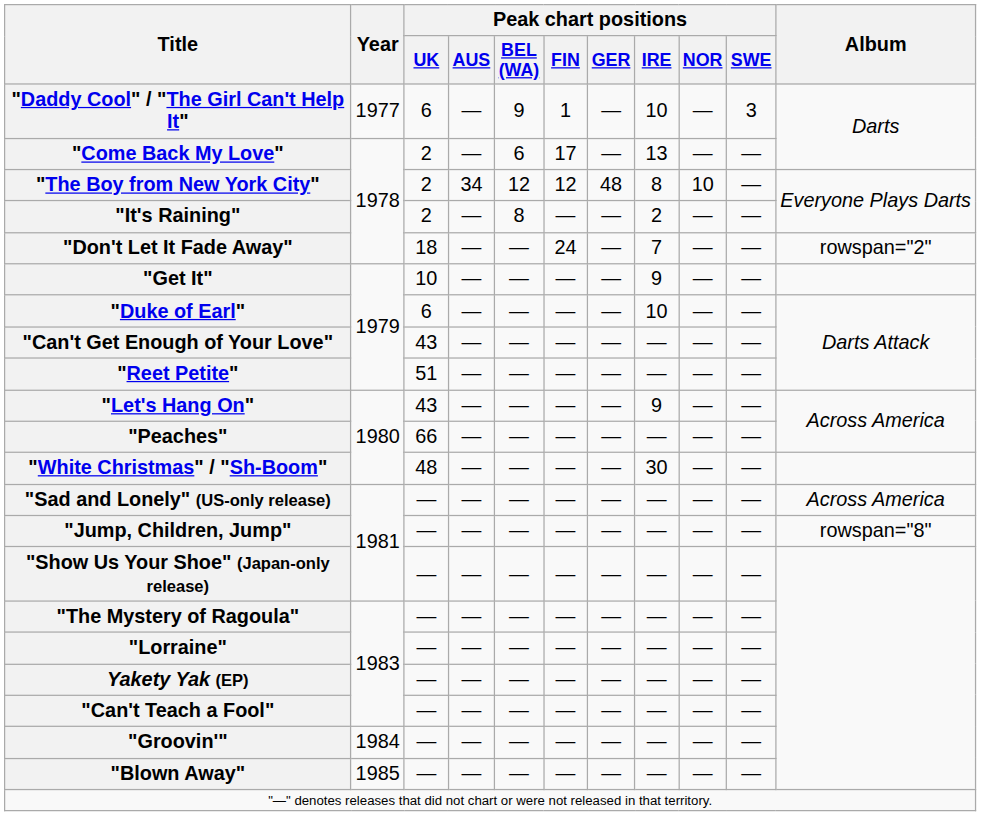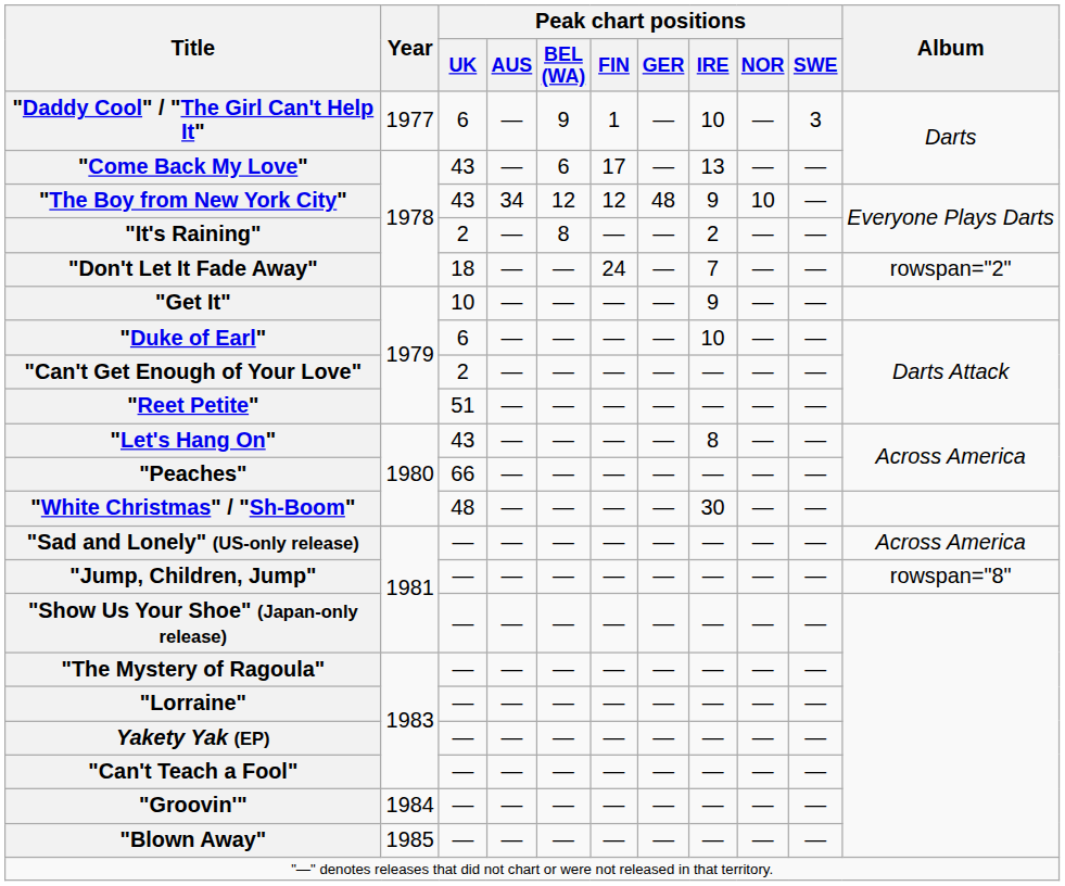 <table class="wikitable plainrowheaders" style="text-align:center;">
 <tr>
 <th rowspan="2" scope="col" style="width:17em;">Title</th>
 <th rowspan="2" scope="col" style="width:2em;">Year</th>
 <th colspan="8">Peak chart positions</th>
 <th rowspan="2">Album</th>
 </tr>
 <tr>
 <th scope="col" style="width:2em;font-size:90%;"><a href='#'>UK</a><br></th>
 <th scope="col" style="width:2em;font-size:90%;"><a href='#'>AUS</a><br></th>
 <th scope="col" style="width:2em;font-size:90%;"><a href='#'>BEL (WA)</a><br></th>
 <th scope="col" style="width:2em;font-size:90%;"><a href='#'>FIN</a><br></th>
 <th scope="col" style="width:2em;font-size:90%;"><a href='#'>GER</a><br></th>
 <th scope="col" style="width:2em;font-size:90%;"><a href='#'>IRE</a><br></th>
 <th scope="col" style="width:2em;font-size:90%;"><a href='#'>NOR</a><br></th>
 <th scope="col" style="width:2em;font-size:90%;"><a href='#'>SWE</a><br></th>
 </tr>
 <tr>
 <th scope="row">"<a href='#'>Daddy Cool</a>" / "<a href='#'>The Girl Can't Help It</a>"</th>
 <td>1977</td>
 <td>6</td>
 <td>—</td>
 <td>9</td>
 <td>1</td>
 <td>—</td>
 <td>10</td>
 <td>—</td>
 <td>3</td>
 <td rowspan="2"><em>Darts</em></td>
 </tr>
 <tr>
 <th scope="row">"<a href='#'>Come Back My Love</a>"</th>
 <td rowspan="4">1978</td>
-<td>2</td>
+<td>43</td>
 <td>—</td>
 <td>6</td>
 <td>17</td>
 <td>—</td>
 <td>13</td>
 <td>—</td>
 <td>—</td>
 </tr>
 <tr>
 <th scope="row">"<a href='#'>The Boy from New York City</a>"</th>
-<td>2</td>
+<td>43</td>
 <td>34</td>
 <td>12</td>
 <td>12</td>
 <td>48</td>
-<td>8</td>
+<td>9</td>
 <td>10</td>
 <td>—</td>
 <td rowspan="2"><em>Everyone Plays Darts</em></td>
 </tr>
 <tr>
 <th scope="row">"It's Raining"</th>
 <td>2</td>
 <td>—</td>
 <td>8</td>
 <td>—</td>
 <td>—</td>
 <td>2</td>
 <td>—</td>
 <td>—</td>
 </tr>
 <tr>
 <th scope="row">"Don't Let It Fade Away"</th>
 <td>18</td>
 <td>—</td>
 <td>—</td>
 <td>24</td>
 <td>—</td>
 <td>7</td>
 <td>—</td>
 <td>—</td>
 <td>rowspan="2" </td>
 </tr>
 <tr>
 <th scope="row">"Get It"</th>
 <td rowspan="4">1979</td>
 <td>10</td>
 <td>—</td>
 <td>—</td>
 <td>—</td>
 <td>—</td>
 <td>9</td>
 <td>—</td>
 <td>—</td>
 </tr>
 <tr>
 <th scope="row">"<a href='#'>Duke of Earl</a>"</th>
 <td>6</td>
 <td>—</td>
 <td>—</td>
 <td>—</td>
 <td>—</td>
 <td>10</td>
 <td>—</td>
 <td>—</td>
 <td rowspan="3"><em>Darts Attack</em></td>
 </tr>
 <tr>
 <th scope="row">"Can't Get Enough of Your Love"</th>
-<td>43</td>
+<td>2</td>
 <td>—</td>
 <td>—</td>
 <td>—</td>
 <td>—</td>
 <td>—</td>
 <td>—</td>
 <td>—</td>
 </tr>
 <tr>
 <th scope="row">"<a href='#'>Reet Petite</a>"</th>
 <td>51</td>
 <td>—</td>
 <td>—</td>
 <td>—</td>
 <td>—</td>
 <td>—</td>
 <td>—</td>
 <td>—</td>
 </tr>
 <tr>
 <th scope="row">"<a href='#'>Let's Hang On</a>"</th>
 <td rowspan="3">1980</td>
 <td>43</td>
 <td>—</td>
 <td>—</td>
 <td>—</td>
 <td>—</td>
-<td>9</td>
+<td>8</td>
 <td>—</td>
 <td>—</td>
 <td rowspan="2"><em>Across America</em></td>
 </tr>
 <tr>
 <th scope="row">"Peaches"</th>
 <td>66</td>
 <td>—</td>
 <td>—</td>
 <td>—</td>
 <td>—</td>
 <td>—</td>
 <td>—</td>
 <td>—</td>
 </tr>
 <tr>
 <th scope="row">"<a href='#'>White Christmas</a>" / "<a href='#'>Sh-Boom</a>"</th>
 <td>48</td>
 <td>—</td>
 <td>—</td>
 <td>—</td>
 <td>—</td>
 <td>30</td>
 <td>—</td>
 <td>—</td>
 <td></td>
 </tr>
 <tr>
 <th scope="row">"Sad and Lonely" <small>(US-only release)</small></th>
 <td rowspan="3">1981</td>
 <td>—</td>
 <td>—</td>
 <td>—</td>
 <td>—</td>
 <td>—</td>
 <td>—</td>
 <td>—</td>
 <td>—</td>
 <td><em>Across America</em></td>
 </tr>
 <tr>
 <th scope="row">"Jump, Children, Jump"</th>
 <td>—</td>
 <td>—</td>
 <td>—</td>
 <td>—</td>
 <td>—</td>
 <td>—</td>
 <td>—</td>
 <td>—</td>
 <td>rowspan="8" </td>
 </tr>
 <tr>
 <th scope="row">"Show Us Your Shoe" <small>(Japan-only release)</small></th>
 <td>—</td>
 <td>—</td>
 <td>—</td>
 <td>—</td>
 <td>—</td>
 <td>—</td>
 <td>—</td>
 <td>—</td>
 </tr>
 <tr>
 <th scope="row">"The Mystery of Ragoula"</th>
 <td rowspan="4">1983</td>
 <td>—</td>
 <td>—</td>
 <td>—</td>
 <td>—</td>
 <td>—</td>
 <td>—</td>
 <td>—</td>
 <td>—</td>
 </tr>
 <tr>
 <th scope="row">"Lorraine"</th>
 <td>—</td>
 <td>—</td>
 <td>—</td>
 <td>—</td>
 <td>—</td>
 <td>—</td>
 <td>—</td>
 <td>—</td>
 </tr>
 <tr>
 <th scope="row"><em>Yakety Yak</em> <small>(EP)</small></th>
 <td>—</td>
 <td>—</td>
 <td>—</td>
 <td>—</td>
 <td>—</td>
 <td>—</td>
 <td>—</td>
 <td>—</td>
 </tr>
 <tr>
 <th scope="row">"Can't Teach a Fool"</th>
 <td>—</td>
 <td>—</td>
 <td>—</td>
 <td>—</td>
 <td>—</td>
 <td>—</td>
 <td>—</td>
 <td>—</td>
 </tr>
 <tr>
 <th scope="row">"Groovin'"</th>
 <td>1984</td>
 <td>—</td>
 <td>—</td>
 <td>—</td>
 <td>—</td>
 <td>—</td>
 <td>—</td>
 <td>—</td>
 <td>—</td>
 </tr>
 <tr>
 <th scope="row">"Blown Away"</th>
 <td>1985</td>
 <td>—</td>
 <td>—</td>
 <td>—</td>
 <td>—</td>
 <td>—</td>
 <td>—</td>
 <td>—</td>
 <td>—</td>
 </tr>
 <tr>
 <td colspan="11" style="font-size:8pt">"—" denotes releases that did not chart or were not released in that territory.</td>
 </tr>
 </table>
